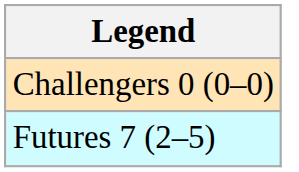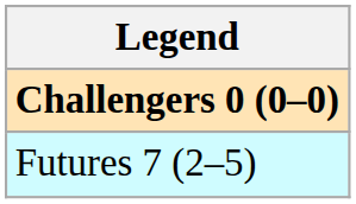 <table class=wikitable style=font-size:97%>
 <tr>
 <th>Legend</th>
 </tr>
 <tr style="background:moccasin;">
-<td>Challengers 0 (0–0)</td>
+<td><strong>Challengers 0 (0–0)</strong></td>
 </tr>
 <tr style="background:#cffcff;">
 <td>Futures 7 (2–5)</td>
 </tr>
 </table>
